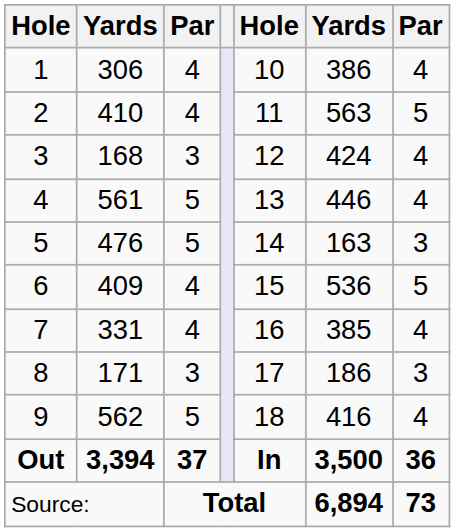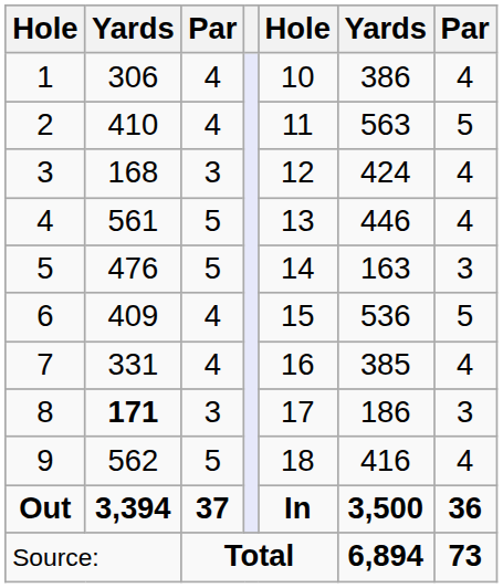 <table class="wikitable" style="text-align:center; font-size:100%;">
 <tr>
 <th>Hole</th>
 <th>Yards</th>
 <th>Par</th>
 <th></th>
 <th>Hole</th>
 <th>Yards</th>
 <th>Par</th>
 </tr>
 <tr>
 <td>1</td>
 <td>306</td>
 <td>4</td>
 <td rowspan=10 style="background:#E6E8FA;"></td>
 <td>10</td>
 <td>386</td>
 <td>4</td>
 </tr>
 <tr>
 <td>2</td>
 <td>410</td>
 <td>4</td>
 <td>11</td>
 <td>563</td>
 <td>5</td>
 </tr>
 <tr>
 <td>3</td>
 <td>168</td>
 <td>3</td>
 <td>12</td>
 <td>424</td>
 <td>4</td>
 </tr>
 <tr>
 <td>4</td>
 <td>561</td>
 <td>5</td>
 <td>13</td>
 <td>446</td>
 <td>4</td>
 </tr>
 <tr>
 <td>5</td>
 <td>476</td>
 <td>5</td>
 <td>14</td>
 <td>163</td>
 <td>3</td>
 </tr>
 <tr>
 <td>6</td>
 <td>409</td>
 <td>4</td>
 <td>15</td>
 <td>536</td>
 <td>5</td>
 </tr>
 <tr>
 <td>7</td>
 <td>331</td>
 <td>4</td>
 <td>16</td>
 <td>385</td>
 <td>4</td>
 </tr>
 <tr>
 <td>8</td>
-<td>171</td>
+<td><strong>171</strong></td>
 <td>3</td>
 <td>17</td>
 <td>186</td>
 <td>3</td>
 </tr>
 <tr>
 <td>9</td>
 <td>562</td>
 <td>5</td>
 <td>18</td>
 <td>416</td>
 <td>4</td>
 </tr>
 <tr>
 <td><strong>Out</strong></td>
 <td><strong>3,394</strong></td>
 <td><strong>37</strong></td>
 <td><strong>In</strong></td>
 <td><strong>3,500</strong></td>
 <td><strong>36</strong></td>
 </tr>
 <tr>
 <td colspan=2 align=left><small>Source:</small></td>
 <td colspan=3><strong>Total</strong></td>
 <td><strong>6,894</strong></td>
 <td><strong>73</strong></td>
 </tr>
 </table>
